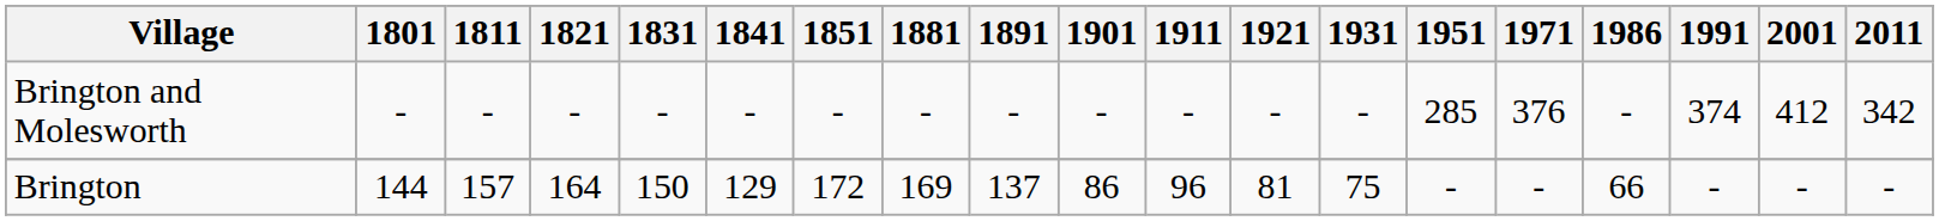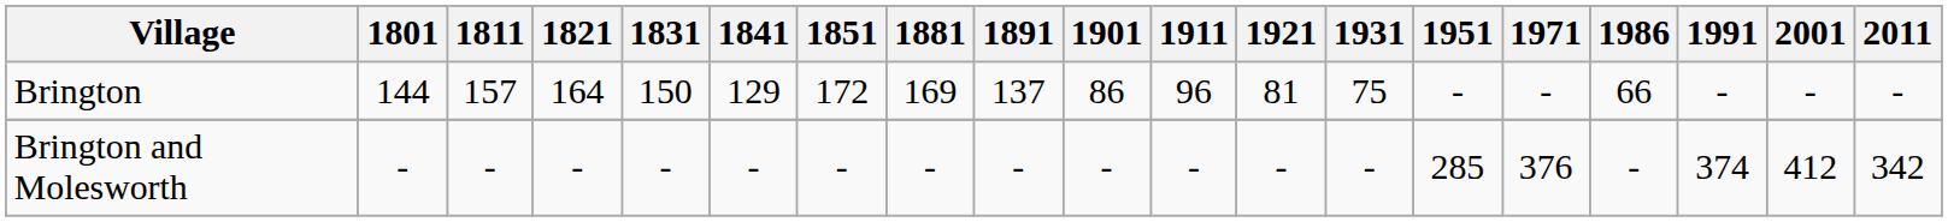 <table class="wikitable" style="text-align:center;">
 <tr>
 <th width="150">Village<br></th>
 <th width="30">1801<br></th>
 <th width="30">1811<br></th>
 <th width="30">1821<br></th>
 <th width="30">1831<br></th>
 <th width="30">1841<br></th>
 <th width="30">1851<br></th>
 <th width="30">1881<br></th>
 <th width="30">1891<br></th>
 <th width="30">1901<br></th>
 <th width="30">1911<br></th>
 <th width="30">1921<br></th>
 <th width="30">1931<br></th>
 <th width="30">1951<br></th>
 <th width="30">1971<br></th>
 <th width="30">1986<br></th>
 <th width="30">1991<br></th>
 <th width="30">2001<br></th>
 <th width="30">2011 <br></th>
 </tr>
 <tr>
+<td align=left>Brington</td>
+<td align="center">144</td>
+<td align="center">157</td>
+<td align="center">164</td>
+<td align="center">150</td>
+<td align="center">129</td>
+<td align="center">172</td>
+<td align="center">169</td>
+<td align="center">137</td>
+<td align="center">86</td>
+<td align="center">96</td>
+<td align="center">81</td>
+<td align="center">75</td>
+<td align="center">-</td>
+<td align="center">-</td>
+<td align="center">66</td>
+<td align="center">-</td>
+<td align="center">-</td>
+<td align="center">-</td>
+</tr>
+<tr>
+</tr>
+<tr>
 <td align=left>Brington and Molesworth</td>
 <td align="center">-</td>
 <td align="center">-</td>
 <td align="center">-</td>
 <td align="center">-</td>
 <td align="center">-</td>
 <td align="center">-</td>
 <td align="center">-</td>
 <td align="center">-</td>
 <td align="center">-</td>
 <td align="center">-</td>
 <td align="center">-</td>
 <td align="center">-</td>
 <td align="center">285</td>
 <td align="center">376</td>
 <td align="center">-</td>
 <td align="center">374</td>
 <td align="center">412</td>
 <td align="center">342</td>
 </tr>
-<tr>
-</tr>
-<tr>
-<td align=left>Brington</td>
-<td align="center">144</td>
-<td align="center">157</td>
-<td align="center">164</td>
-<td align="center">150</td>
-<td align="center">129</td>
-<td align="center">172</td>
-<td align="center">169</td>
-<td align="center">137</td>
-<td align="center">86</td>
-<td align="center">96</td>
-<td align="center">81</td>
-<td align="center">75</td>
-<td align="center">-</td>
-<td align="center">-</td>
-<td align="center">66</td>
-<td align="center">-</td>
-<td align="center">-</td>
-<td align="center">-</td>
-</tr>
 </table>
